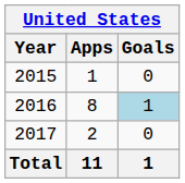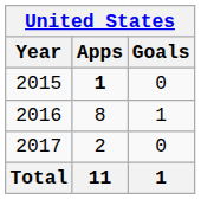 <table class="wikitable" style="text-align:center">
 <tr>
 <th colspan=3><a href='#'>United States</a></th>
 </tr>
 <tr>
 <th>Year</th>
 <th>Apps</th>
 <th>Goals</th>
 </tr>
 <tr>
 <td>2015</td>
-<td>1</td>
+<td><strong>1</strong></td>
 <td>0</td>
 </tr>
 <tr>
 <td>2016</td>
 <td>8</td>
-<td style="background: lightblue;">1</td>
+<td>1</td>
 </tr>
 <tr>
 <td>2017</td>
 <td>2</td>
 <td>0</td>
 </tr>
 <tr>
 <th>Total</th>
 <th>11</th>
 <th>1</th>
 </tr>
 </table>
